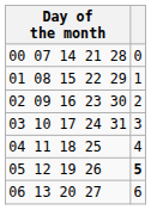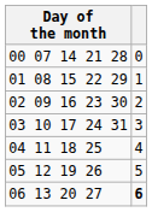 <table class="wikitable">
 <tr>
 <th>Day of<br>the month</th>
 <th></th>
 </tr>
 <tr>
 <td>00 07 14 21 28</td>
 <td>0</td>
 </tr>
 <tr>
 <td>01 08 15 22 29</td>
 <td>1</td>
 </tr>
 <tr>
 <td>02 09 16 23 30</td>
 <td>2</td>
 </tr>
 <tr>
 <td>03 10 17 24 31</td>
 <td>3</td>
 </tr>
 <tr>
 <td>04 11 18 25</td>
 <td>4</td>
 </tr>
 <tr>
 <td>05 12 19 26</td>
-<td><strong>5</strong></td>
+<td>5</td>
 </tr>
 <tr>
 <td>06 13 20 27</td>
-<td>6</td>
+<td><strong>6</strong></td>
 </tr>
 </table>
